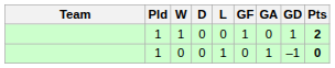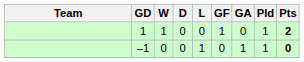 <table class="wikitable" style="text-align: center;">
 <tr>
 <th width=175>Team</th>
-<th width=20>Pld</th>
+<th width=20>GD</th>
 <th width=20>W</th>
 <th width=20>D</th>
 <th width=20>L</th>
 <th width=20>GF</th>
 <th width=20>GA</th>
-<th width=20>GD</th>
+<th width=20>Pld</th>
 <th width=20>Pts</th>
 </tr>
 <tr bgcolor=ccffcc>
 <td style="text-align:left;"></td>
 <td>1</td>
 <td>1</td>
 <td>0</td>
 <td>0</td>
 <td>1</td>
 <td>0</td>
 <td>1</td>
 <td><strong>2</strong></td>
 </tr>
 <tr bgcolor=ccffcc>
 <td style="text-align:left;"></td>
-<td>1</td>
+<td>–1</td>
 <td>0</td>
 <td>0</td>
 <td>1</td>
 <td>0</td>
 <td>1</td>
-<td>–1</td>
+<td>1</td>
 <td><strong>0</strong></td>
 </tr>
 </table>
